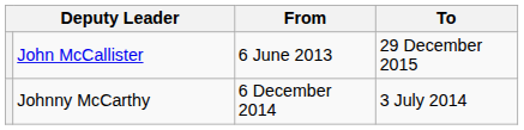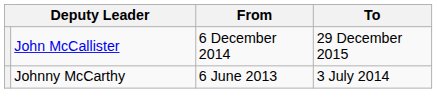 <table class="wikitable">
 <tr>
 <th colspan=2>Deputy Leader</th>
 <th>From</th>
 <th>To</th>
 </tr>
 <tr>
 <th style="background:"></th>
 <td style="width:200px;"><a href='#'>John McCallister</a></td>
-<td style="width:125px;">6 June 2013</td>
+<td style="width:125px;">6 December 2014</td>
 <td style="width:125px;">29 December 2015</td>
 </tr>
 <tr>
 <th style="background:"></th>
 <td style="width:200px;">Johnny McCarthy</td>
-<td style="width:125px;">6 December 2014</td>
+<td style="width:125px;">6 June 2013</td>
 <td style="width:125px;">3 July 2014</td>
 </tr>
 </table>
